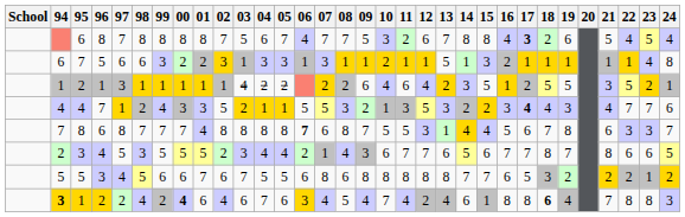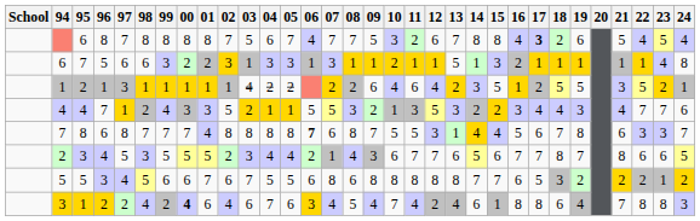 <table class=wikitable style=font-size:95%;">
 <tr>
 <th>School</th>
 <th>94</th>
 <th>95</th>
 <th>96</th>
 <th>97</th>
 <th>98</th>
 <th>99</th>
 <th>00</th>
 <th>01</th>
 <th>02</th>
 <th>03</th>
 <th>04</th>
 <th>05</th>
 <th>06</th>
 <th>07</th>
 <th>08</th>
 <th>09</th>
 <th>10</th>
 <th>11</th>
 <th>12</th>
 <th>13</th>
 <th>14</th>
 <th>15</th>
 <th>16</th>
 <th>17</th>
 <th>18</th>
 <th>19</th>
 <th>20</th>
 <th>21</th>
 <th>22</th>
 <th>23</th>
 <th>24</th>
 </tr>
 <tr align=center>
 <td align=left><strong></strong></td>
 <td style="background:salmon;"></td>
 <td>6</td>
 <td>8</td>
 <td>7</td>
 <td>8</td>
 <td>8</td>
 <td>8</td>
 <td>8</td>
 <td>7</td>
 <td>5</td>
 <td>6</td>
 <td>7</td>
 <td style="background:#ccf;">4</td>
 <td>7</td>
 <td>7</td>
 <td>5</td>
 <td style="background:#ccf;">3</td>
 <td style="background:#cfc;">2</td>
 <td>6</td>
 <td>7</td>
 <td>8</td>
 <td>8</td>
 <td style="background:#ccf;">4</td>
 <td style="background:#ccf;"><strong>3</strong></td>
 <td style="background:#cfc;">2</td>
 <td>6</td>
 <td style="background:#53565a;" rowspan=8></td>
 <td>5</td>
 <td style="background:#ccf;">4</td>
 <td style="background:#ff9;">5</td>
 <td style="background:#ccf;">4</td>
 </tr>
 <tr align=center>
 <td align=left><strong></strong></td>
 <td>6</td>
 <td>7</td>
 <td>5</td>
 <td>6</td>
 <td>6</td>
 <td style="background:#ccf;">3</td>
 <td style="background:#cfc;">2</td>
 <td style="background:silver;">2</td>
 <td style="background:gold;">3</td>
 <td style="background:silver;">1</td>
 <td style="background:#ccf;">3</td>
 <td style="background:#ccf;">3</td>
 <td style="background:silver;">1</td>
 <td style="background:#ccf;">3</td>
 <td style="background:gold;">1</td>
 <td style="background:gold;">1</td>
 <td style="background:gold;">2</td>
 <td style="background:gold;">1</td>
 <td style="background:gold;">1</td>
 <td>5</td>
 <td style="background:#cfc;">1</td>
 <td style="background:#ccf;">3</td>
 <td style="background:silver;">2</td>
 <td style="background:gold;">1</td>
 <td style="background:gold;">1</td>
 <td style="background:gold;">1</td>
 <td style="background:silver;">1</td>
 <td style="background:gold;">1</td>
 <td style="background:#ccf;">4</td>
 <td>8</td>
 </tr>
 <tr align=center>
 <td align=left><strong></strong></td>
 <td style="background:silver;">1</td>
 <td style="background:silver;">2</td>
 <td style="background:silver;">1</td>
 <td style="background:silver;">3</td>
 <td style="background:gold;">1</td>
 <td style="background:gold;">1</td>
 <td style="background:gold;">1</td>
 <td style="background:gold;">1</td>
 <td style="background:silver;">1</td>
 <td><span><s>4</s></span></td>
 <td><span><s>2</s></span></td>
 <td><span><s>2</s></span></td>
 <td style="background:salmon;"></td>
 <td bgcolor=gold>2</td>
 <td style="background:silver;">2</td>
 <td>6</td>
 <td style="background:#ccf;">4</td>
 <td>6</td>
 <td style="background:#ccf;">4</td>
 <td style="background:gold;">2</td>
 <td style="background:#ccf;">3</td>
 <td>5</td>
 <td style="background:gold;">1</td>
 <td style="background:silver;">2</td>
 <td style="background:#ff9;">5</td>
 <td>5</td>
 <td style="background:#ccf;">3</td>
 <td style="background:#ff9;">5</td>
 <td style="background:gold;">2</td>
 <td style="background:silver;">1</td>
 </tr>
 <tr align=center>
 <td align=left><strong></strong></td>
 <td style="background:#ccf;">4</td>
 <td style="background:#ccf;">4</td>
 <td>7</td>
 <td style="background:gold;">1</td>
 <td style="background:silver;">2</td>
 <td style="background:#ccf;">4</td>
 <td style="background:silver;">3</td>
 <td style="background:#ccf;">3</td>
 <td>5</td>
 <td style="background:gold;">2</td>
 <td style="background:gold;">1</td>
 <td style="background:gold;">1</td>
 <td>5</td>
 <td style="background:#ff9;">5</td>
 <td style="background:#ccf;">3</td>
 <td style="background:#cfc;">2</td>
 <td style="background:silver;">1</td>
 <td style="background:silver;">3</td>
 <td style="background:#ff9;">5</td>
 <td style="background:#ccf;">3</td>
 <td style="background:silver;">2</td>
 <td style="background:gold;">2</td>
 <td style="background:#ccf;">3</td>
-<td style="background:#ccf;"><strong>4</strong></td>
+<td style="background:#ccf;">4</td>
 <td style="background:#ccf;">4</td>
 <td style="background:#ccf;">3</td>
 <td style="background:#ccf;">4</td>
 <td>7</td>
 <td>7</td>
 <td>6</td>
 </tr>
 <tr align=center>
 <td align=left><strong></strong></td>
 <td>7</td>
 <td>8</td>
 <td>6</td>
 <td>8</td>
 <td>7</td>
 <td>7</td>
 <td>7</td>
 <td style="background:#ccf;">4</td>
 <td>8</td>
 <td>8</td>
 <td>8</td>
 <td>8</td>
 <td><strong>7</strong></td>
 <td>6</td>
 <td>8</td>
 <td>7</td>
 <td>5</td>
 <td>5</td>
 <td style="background:#ccf;">3</td>
 <td style="background:#cfc;">1</td>
 <td style="background:gold;">4</td>
 <td style="background:#ccf;">4</td>
 <td>5</td>
 <td>6</td>
 <td>7</td>
 <td>8</td>
 <td>6</td>
 <td style="background:#ccf;">3</td>
 <td style="background:#ccf;">3</td>
 <td>7</td>
 </tr>
 <tr align=center>
 <td align=left><strong></strong></td>
 <td style="background:#cfc;">2</td>
 <td style="background:#ccf;">3</td>
 <td style="background:#ccf;">4</td>
 <td>5</td>
 <td style="background:#ccf;">3</td>
 <td>5</td>
 <td style="background:#ff9;">5</td>
 <td style="background:#ff9;">5</td>
 <td style="background:#cfc;">2</td>
 <td style="background:#ccf;">3</td>
 <td style="background:#ccf;">4</td>
 <td style="background:#ccf;">4</td>
 <td style="background:#cfc;">2</td>
 <td style="background:silver;">1</td>
 <td style="background:#ccf;">4</td>
 <td style="background:silver;">3</td>
 <td>6</td>
 <td>7</td>
 <td>7</td>
 <td>6</td>
 <td style="background:#ff9;">5</td>
 <td>6</td>
 <td>7</td>
 <td>7</td>
 <td>8</td>
 <td>7</td>
 <td>8</td>
 <td>6</td>
 <td>6</td>
 <td style="background:#ff9;">5</td>
 </tr>
 <tr align=center>
 <td align=left><strong></strong></td>
 <td>5</td>
 <td>5</td>
 <td style="background:#ccf;">3</td>
 <td style="background:#ccf;">4</td>
 <td style="background:#ff9;">5</td>
 <td>6</td>
 <td>6</td>
 <td>7</td>
 <td>6</td>
 <td>7</td>
 <td>5</td>
 <td>5</td>
 <td>6</td>
 <td>8</td>
 <td>6</td>
 <td>8</td>
 <td>8</td>
 <td>8</td>
 <td>8</td>
 <td>8</td>
 <td>7</td>
 <td>7</td>
 <td>6</td>
 <td>5</td>
 <td style="background:silver;">3</td>
 <td style="background:#cfc;">2</td>
 <td style="background:gold;">2</td>
 <td style="background:silver;">2</td>
 <td style="background:silver;">1</td>
 <td style="background:gold;">2</td>
 </tr>
 <tr align=center>
 <td align=left><strong></strong></td>
-<td bgcolor=gold><strong>3</strong></td>
+<td bgcolor=gold>3</td>
 <td bgcolor=gold>1</td>
 <td bgcolor=gold>2</td>
 <td style="background:#cfc;">2</td>
 <td style="background:#ccf;">4</td>
 <td style="background:silver;">2</td>
 <td style="background:#ccf;"><strong>4</strong></td>
 <td>6</td>
 <td style="background:#ccf;">4</td>
 <td>6</td>
 <td>7</td>
 <td>6</td>
 <td style="background:gold;">3</td>
 <td style="background:#ccf;">4</td>
 <td>5</td>
 <td style="background:#ccf;">4</td>
 <td>7</td>
 <td style="background:#ccf;">4</td>
 <td style="background:silver;">2</td>
 <td style="background:silver;">4</td>
 <td>6</td>
 <td style="background:silver;">1</td>
 <td>8</td>
 <td>8</td>
-<td><strong>6</strong></td>
+<td>6</td>
 <td style="background:silver;">4</td>
 <td>7</td>
 <td>8</td>
 <td>8</td>
 <td style="background:#ccf;">3</td>
 </tr>
 </table>
